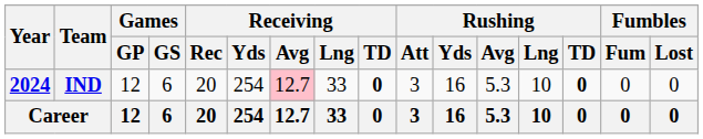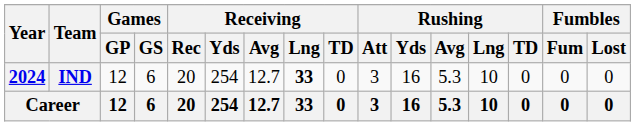 <table style="text-align:center;" class="wikitable">
 <tr style="font-weight:bold;background:#03202F;color:White;">
 </tr>
 <tr>
 <th rowspan="2">Year</th>
 <th rowspan="2">Team</th>
 <th colspan="2">Games</th>
 <th colspan="5">Receiving</th>
 <th colspan="5">Rushing</th>
 <th colspan="2">Fumbles</th>
 </tr>
 <tr>
 <th>GP</th>
 <th>GS</th>
 <th>Rec</th>
 <th>Yds</th>
 <th>Avg</th>
 <th>Lng</th>
 <th>TD</th>
 <th>Att</th>
 <th>Yds</th>
 <th>Avg</th>
 <th>Lng</th>
 <th>TD</th>
 <th>Fum</th>
 <th>Lost</th>
 </tr>
 <tr>
 <th><a href='#'>2024</a></th>
 <th><a href='#'>IND</a></th>
 <td>12</td>
 <td>6</td>
 <td>20</td>
 <td>254</td>
-<td style="background: pink;">12.7</td>
-<td>33</td>
-<td><strong>0</strong></td>
+<td>12.7</td>
+<td><strong>33</strong></td>
+<td>0</td>
 <td>3</td>
 <td>16</td>
 <td>5.3</td>
 <td>10</td>
-<td><strong>0</strong></td>
+<td>0</td>
 <td>0</td>
 <td>0</td>
 </tr>
 <tr>
 <th colspan="2">Career</th>
 <th>12</th>
 <th>6</th>
 <th>20</th>
 <th>254</th>
 <th>12.7</th>
 <th>33</th>
 <th>0</th>
 <th>3</th>
 <th>16</th>
 <th>5.3</th>
 <th>10</th>
 <th>0</th>
 <th>0</th>
 <th>0</th>
 </tr>
 </table>
